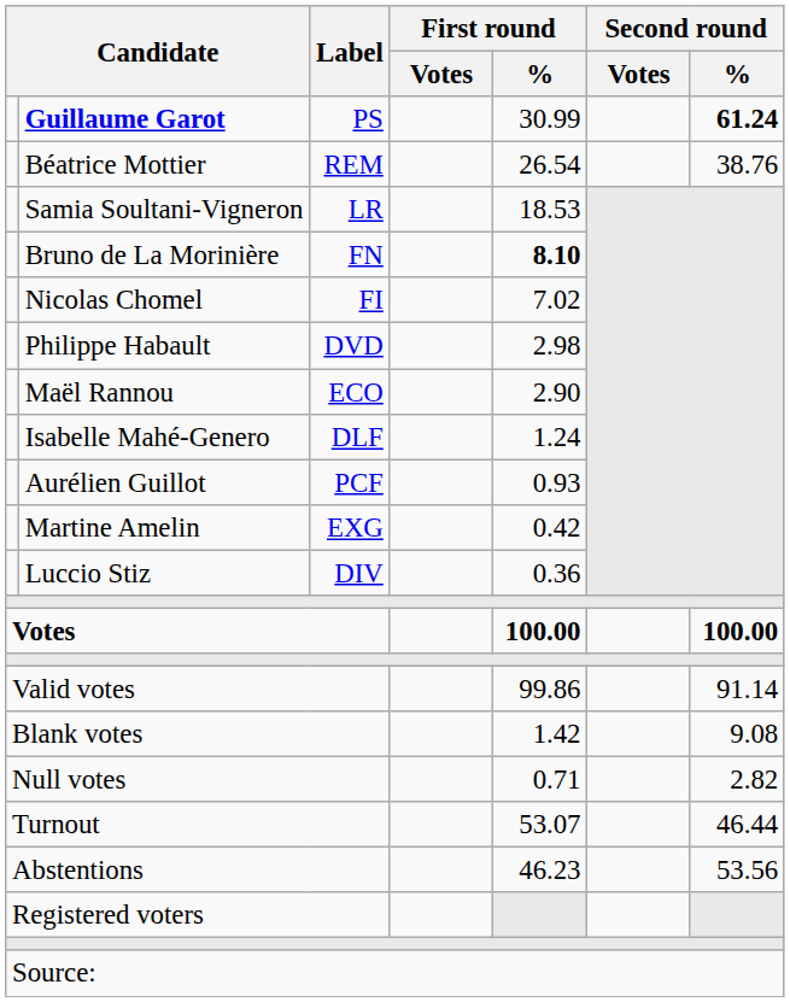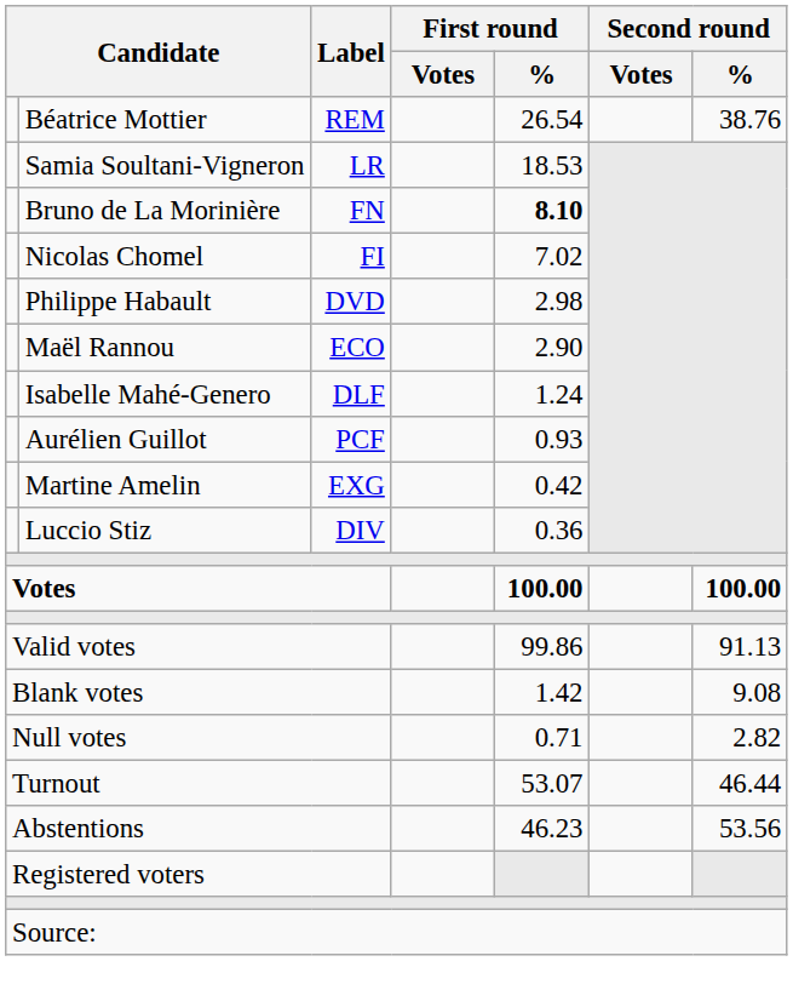 <table class="wikitable" style="text-align:right;font-size:95%;">
 <tr>
 <th rowspan="2" colspan="2">Candidate</th>
 <th rowspan="2">Label</th>
 <th colspan="2">First round</th>
 <th colspan="2">Second round</th>
 </tr>
 <tr>
 <th style="width:50px;">Votes</th>
 <th style="width:45px;">%</th>
 <th style="width:50px;">Votes</th>
 <th style="width:45px;">%</th>
-</tr>
-<tr>
-<td style="color:inherit;background:"></td>
-<td style="text-align:left;"><strong><a href='#'>Guillaume Garot</a></strong></td>
-<td><a href='#'>PS</a></td>
-<td></td>
-<td>30.99</td>
-<td><strong></strong></td>
-<td><strong>61.24</strong></td>
 </tr>
 <tr>
 <td style="color:inherit;background:"></td>
 <td style="text-align:left;">Béatrice Mottier</td>
 <td><a href='#'>REM</a></td>
 <td></td>
 <td>26.54</td>
 <td></td>
 <td>38.76</td>
 </tr>
 <tr>
 <td style="color:inherit;background:"></td>
 <td style="text-align:left;">Samia Soultani-Vigneron</td>
 <td><a href='#'>LR</a></td>
 <td></td>
 <td>18.53</td>
 <td colspan="2" rowspan="9" style="background:#E9E9E9;"></td>
 </tr>
 <tr>
 <td style="color:inherit;background:"></td>
 <td style="text-align:left;">Bruno de La Morinière</td>
 <td><a href='#'>FN</a></td>
 <td></td>
 <td><strong>8.10</strong></td>
 </tr>
 <tr>
 <td style="color:inherit;background:"></td>
 <td style="text-align:left;">Nicolas Chomel</td>
 <td><a href='#'>FI</a></td>
 <td></td>
 <td>7.02</td>
 </tr>
 <tr>
 <td style="color:inherit;background:"></td>
 <td style="text-align:left;">Philippe Habault</td>
 <td><a href='#'>DVD</a></td>
 <td></td>
 <td>2.98</td>
 </tr>
 <tr>
 <td style="color:inherit;background:"></td>
 <td style="text-align:left;">Maël Rannou</td>
 <td><a href='#'>ECO</a></td>
 <td></td>
 <td>2.90</td>
 </tr>
 <tr>
 <td style="color:inherit;background:"></td>
 <td style="text-align:left;">Isabelle Mahé-Genero</td>
 <td><a href='#'>DLF</a></td>
 <td></td>
 <td>1.24</td>
 </tr>
 <tr>
 <td style="color:inherit;background:"></td>
 <td style="text-align:left;">Aurélien Guillot</td>
 <td><a href='#'>PCF</a></td>
 <td></td>
 <td>0.93</td>
 </tr>
 <tr>
 <td style="color:inherit;background:"></td>
 <td style="text-align:left;">Martine Amelin</td>
 <td><a href='#'>EXG</a></td>
 <td></td>
 <td>0.42</td>
 </tr>
 <tr>
 <td style="color:inherit;background:"></td>
 <td style="text-align:left;">Luccio Stiz</td>
 <td><a href='#'>DIV</a></td>
 <td></td>
 <td>0.36</td>
 </tr>
 <tr>
 <td colspan="7" style="background:#E9E9E9;"></td>
 </tr>
 <tr style="font-weight:bold;">
 <td colspan="3" style="text-align:left;">Votes</td>
 <td></td>
 <td>100.00</td>
 <td></td>
 <td>100.00</td>
 </tr>
 <tr>
 <td colspan="7" style="background:#E9E9E9;"></td>
 </tr>
 <tr>
 <td colspan="3" style="text-align:left;">Valid votes</td>
 <td></td>
 <td>99.86</td>
 <td></td>
-<td>91.14</td>
+<td>91.13</td>
 </tr>
 <tr>
 <td colspan="3" style="text-align:left;">Blank votes</td>
 <td></td>
 <td>1.42</td>
 <td></td>
 <td>9.08</td>
 </tr>
 <tr>
 <td colspan="3" style="text-align:left;">Null votes</td>
 <td></td>
 <td>0.71</td>
 <td></td>
 <td>2.82</td>
 </tr>
 <tr>
 <td colspan="3" style="text-align:left;">Turnout</td>
 <td></td>
 <td>53.07</td>
 <td></td>
 <td>46.44</td>
 </tr>
 <tr>
 <td colspan="3" style="text-align:left;">Abstentions</td>
 <td></td>
 <td>46.23</td>
 <td></td>
 <td>53.56</td>
 </tr>
 <tr>
 <td colspan="3" style="text-align:left;">Registered voters</td>
 <td></td>
 <td style="background:#E9E9E9;"></td>
 <td></td>
 <td style="background:#E9E9E9;"></td>
 </tr>
 <tr>
 <td colspan="7" style="background:#E9E9E9;"></td>
 </tr>
 <tr>
 <td colspan="7" style="text-align:left;">Source: </td>
 </tr>
 </table>
